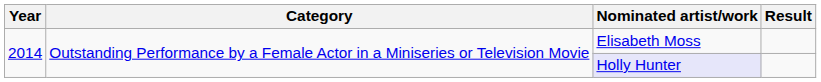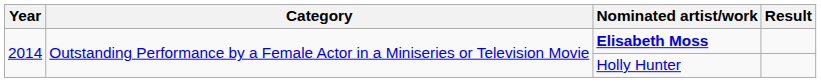 <table class="wikitable" style="table-layout: fixed; margin-right:0">
 <tr>
 <th scope="col">Year</th>
 <th scope="col">Category</th>
 <th scope="col">Nominated artist/work</th>
 <th scope="col">Result</th>
 </tr>
 <tr>
 <td rowspan=2><a href='#'>2014</a></td>
 <td rowspan=2><a href='#'>Outstanding Performance by a Female Actor in a Miniseries or Television Movie</a></td>
-<td><a href='#'>Elisabeth Moss</a></td>
+<td><strong><a href='#'>Elisabeth Moss</a></strong></td>
 <td></td>
 </tr>
 <tr>
-<td style="background: lavender;"><a href='#'>Holly Hunter</a></td>
+<td><a href='#'>Holly Hunter</a></td>
 <td></td>
 </tr>
 </table>
